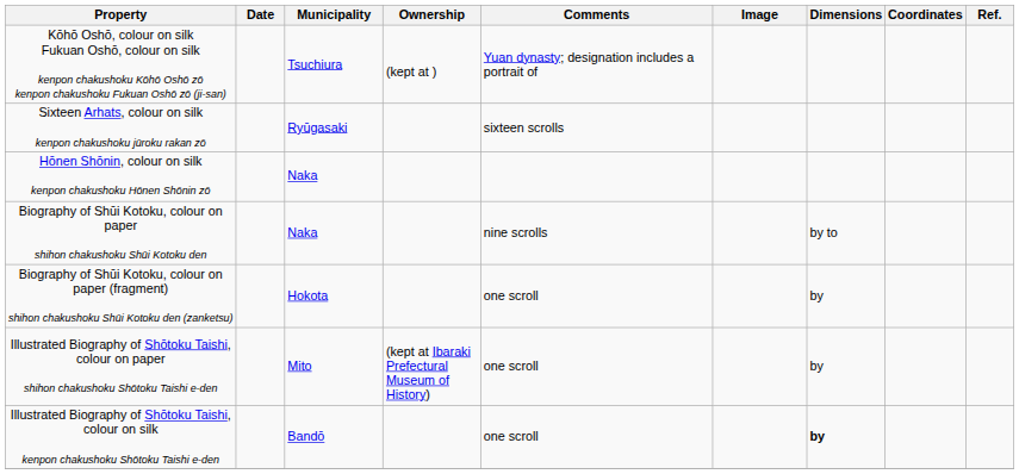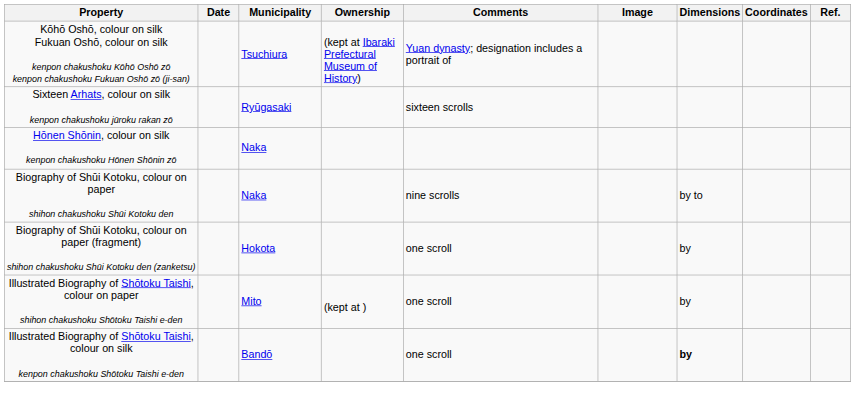 <table class="wikitable sortable"  style="width:100%;">
 <tr>
 <th width="25%" align="left">Property</th>
 <th width="5%" align="left" data-sort-type="number">Date</th>
 <th width="10%" align="left">Municipality</th>
 <th width="10%" align="left">Ownership</th>
 <th width="25%" align="left" class="unsortable">Comments</th>
 <th width="10%" align="left" class="unsortable">Image</th>
 <th width="5%" align="left" class="unsortable">Dimensions</th>
 <th width="5%" align="left" class="unsortable">Coordinates</th>
 <th width="5%" align="left" class="unsortable">Ref.</th>
 </tr>
 <tr>
 <td align="center">Kōhō Oshō, colour on silk<br>Fukuan Oshō, colour on silk<br><br><small><em>kenpon chakushoku Kōhō Oshō zō<br>kenpon chakushoku Fukuan Oshō zō (ji-san)</em></small></td>
 <td></td>
 <td><a href='#'>Tsuchiura</a></td>
-<td><br>(kept at )</td>
+<td><br>(kept at <a href='#'>Ibaraki Prefectural Museum of History</a>)</td>
 <td><a href='#'>Yuan dynasty</a>; designation includes a portrait of </td>
 <td></td>
 <td></td>
 <td></td>
 <td> </td>
 </tr>
 <tr>
 <td align="center">Sixteen <a href='#'>Arhats</a>, colour on silk<br><br><small><em>kenpon chakushoku jūroku rakan zō</em></small></td>
 <td></td>
 <td><a href='#'>Ryūgasaki</a></td>
 <td></td>
 <td>sixteen scrolls</td>
 <td></td>
 <td></td>
 <td></td>
 <td></td>
 </tr>
 <tr>
 <td align="center"><a href='#'>Hōnen Shōnin</a>, colour on silk<br><br><small><em>kenpon chakushoku Hōnen Shōnin zō</em></small></td>
 <td></td>
 <td><a href='#'>Naka</a></td>
 <td></td>
 <td></td>
 <td></td>
 <td></td>
 <td></td>
 <td></td>
 </tr>
 <tr>
 <td align="center">Biography of Shūi Kotoku, colour on paper<br><br><small><em>shihon chakushoku Shūi Kotoku den</em></small></td>
 <td></td>
 <td><a href='#'>Naka</a></td>
 <td></td>
 <td>nine scrolls</td>
 <td></td>
 <td> by  to </td>
 <td></td>
 <td></td>
 </tr>
 <tr>
 <td align="center">Biography of Shūi Kotoku, colour on paper (fragment)<br><br><small><em>shihon chakushoku Shūi Kotoku den (zanketsu)</em></small></td>
 <td></td>
 <td><a href='#'>Hokota</a></td>
 <td></td>
 <td>one scroll</td>
 <td></td>
 <td> by </td>
 <td></td>
 <td></td>
 </tr>
 <tr>
 <td align="center">Illustrated Biography of <a href='#'>Shōtoku Taishi</a>, colour on paper<br><br><small><em>shihon chakushoku Shōtoku Taishi e-den</em></small></td>
 <td></td>
 <td><a href='#'>Mito</a></td>
-<td><br>(kept at <a href='#'>Ibaraki Prefectural Museum of History</a>)</td>
+<td><br>(kept at )</td>
 <td>one scroll</td>
 <td></td>
 <td> by </td>
 <td></td>
 <td></td>
 </tr>
 <tr>
 <td align="center">Illustrated Biography of <a href='#'>Shōtoku Taishi</a>, colour on silk<br><br><small><em>kenpon chakushoku Shōtoku Taishi e-den</em></small></td>
 <td></td>
 <td><a href='#'>Bandō</a></td>
 <td></td>
 <td>one scroll</td>
 <td></td>
 <td><strong> by </strong></td>
 <td></td>
 <td></td>
 </tr>
 <tr>
 </tr>
 </table>
